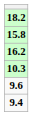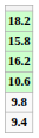 <table class="wikitable" style="text-align: center;">
 <tr>
 <th></th>
 </tr>
 <tr>
 <td style="background:#ccffcc;"><strong>18.2</strong></td>
 </tr>
 <tr>
 <td style="background:#ccffcc;"><strong>15.8</strong></td>
 </tr>
 <tr>
 <td style="background:#ccffcc;"><strong>16.2</strong></td>
 </tr>
 <tr>
-<td style="background:#ccffcc;"><strong>10.3</strong></td>
+<td style="background:#ccffcc;"><strong>10.6</strong></td>
 </tr>
 <tr>
-<td><strong>9.6</strong></td>
+<td><strong>9.8</strong></td>
 </tr>
 <tr>
 <td><strong>9.4</strong></td>
 </tr>
 </table>
